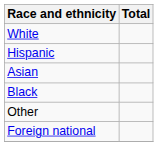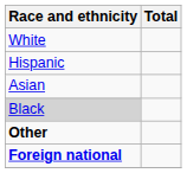 <table class="wikitable floatright sortable collapsible"; text-align:right; font-size:80%;">
 <tr>
 <th>Race and ethnicity</th>
 <th colspan="2" data-sort-type=number>Total</th>
 </tr>
 <tr>
 <td><a href='#'>White</a></td>
 <td align=right></td>
 </tr>
 <tr>
 <td><a href='#'>Hispanic</a></td>
 <td align=right></td>
 </tr>
 <tr>
 <td><a href='#'>Asian</a></td>
 <td align=right></td>
 </tr>
 <tr>
-<td><a href='#'>Black</a></td>
+<td style="background: lightgrey;"><a href='#'>Black</a></td>
 <td align=right></td>
 </tr>
 <tr>
-<td>Other</td>
+<td><strong>Other</strong></td>
 <td align=right></td>
 </tr>
 <tr>
-<td><a href='#'>Foreign national</a></td>
+<td><strong><a href='#'>Foreign national</a></strong></td>
 <td align=right></td>
 </tr>
 <tr>
 </tr>
 </table>
